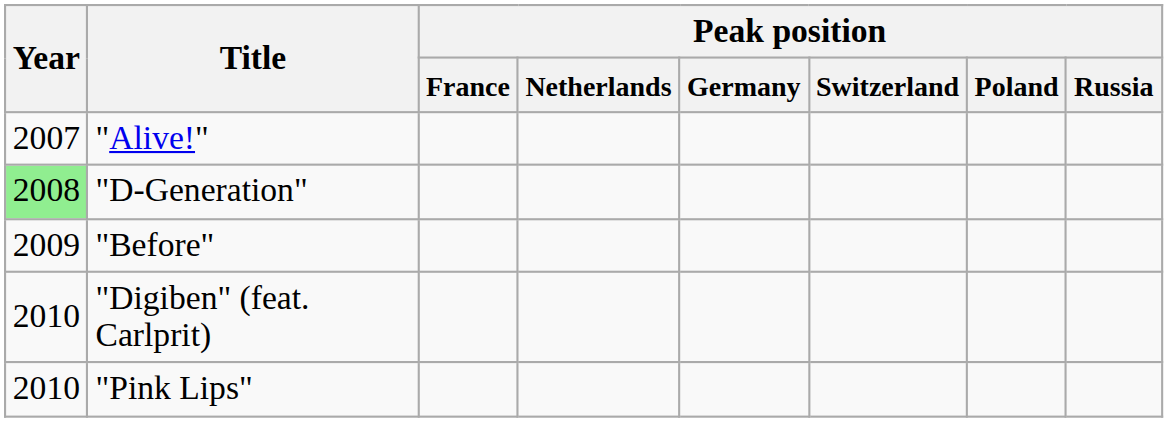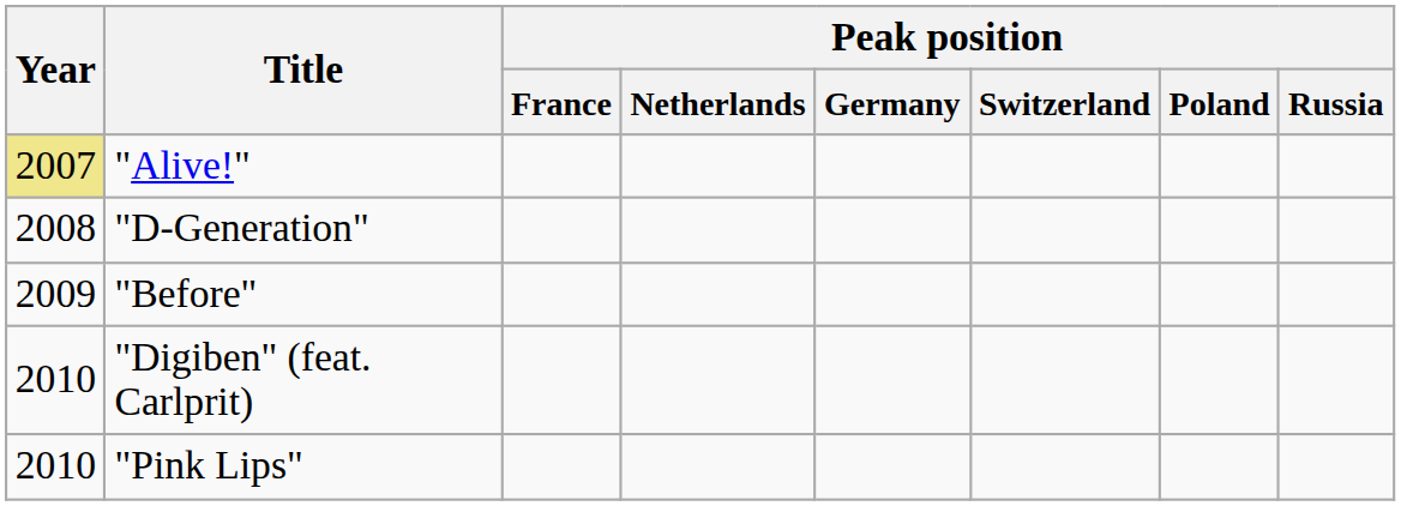 <table class="wikitable">
 <tr>
 <th width="3" rowspan="2">Year</th>
 <th width="150" rowspan="2">Title</th>
 <th colspan="8">Peak position</th>
 </tr>
 <tr>
 <th width="36"><small>France</small></th>
 <th width="36"><small>Netherlands</small></th>
 <th width="36"><small>Germany</small></th>
 <th width="36"><small>Switzerland</small></th>
 <th width="36"><small>Poland</small></th>
 <th width="36"><small>Russia</small></th>
 </tr>
 <tr>
-<td rowspan="1">2007</td>
+<td rowspan="1" style="background: khaki;">2007</td>
 <td>"<a href='#'>Alive!</a>"</td>
 <td></td>
 <td></td>
 <td></td>
 <td></td>
 <td></td>
 <td></td>
 </tr>
 <tr>
-<td align="left" style="background: lightgreen;">2008</td>
+<td align="left">2008</td>
 <td>"D-Generation"</td>
 <td></td>
 <td></td>
 <td></td>
 <td></td>
 <td></td>
 <td></td>
 </tr>
 <tr>
 <td align="left">2009</td>
 <td>"Before"</td>
 <td></td>
 <td></td>
 <td></td>
 <td></td>
 <td></td>
 <td></td>
 </tr>
 <tr>
 <td align="left">2010</td>
 <td>"Digiben" (feat. Carlprit)</td>
 <td></td>
 <td></td>
 <td></td>
 <td></td>
 <td></td>
 <td></td>
 </tr>
 <tr>
 <td align="left">2010</td>
 <td>"Pink Lips"</td>
 <td></td>
 <td></td>
 <td></td>
 <td></td>
 <td></td>
 <td></td>
 </tr>
 </table>
